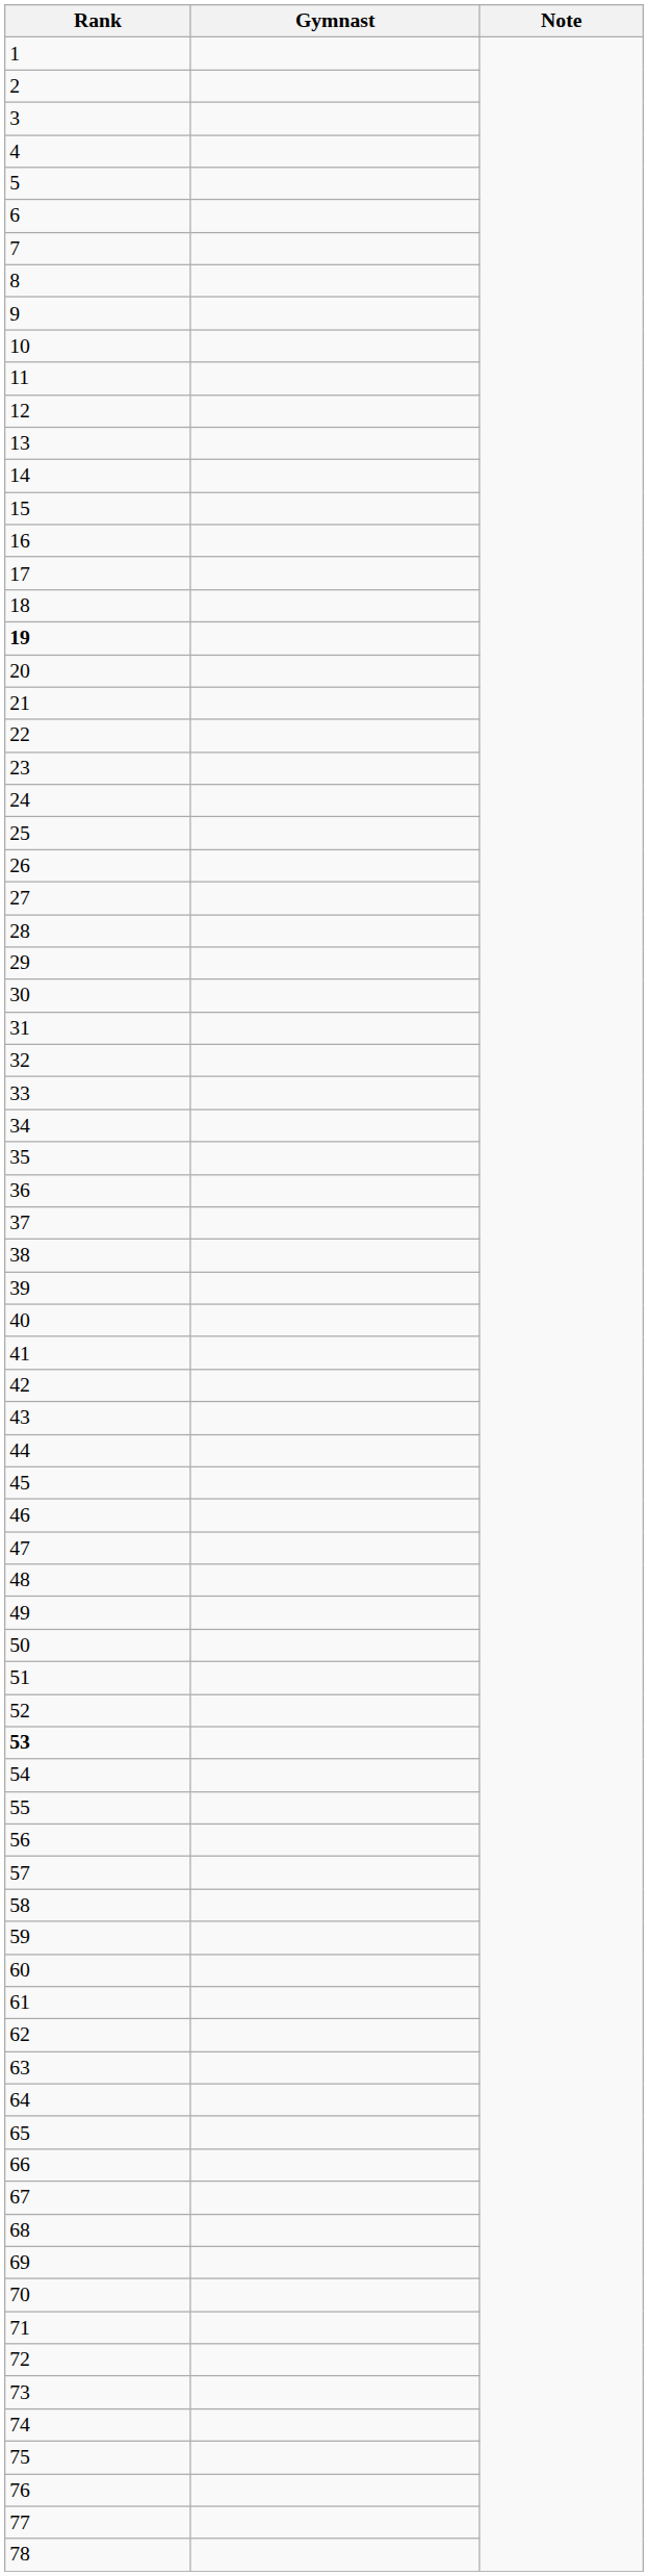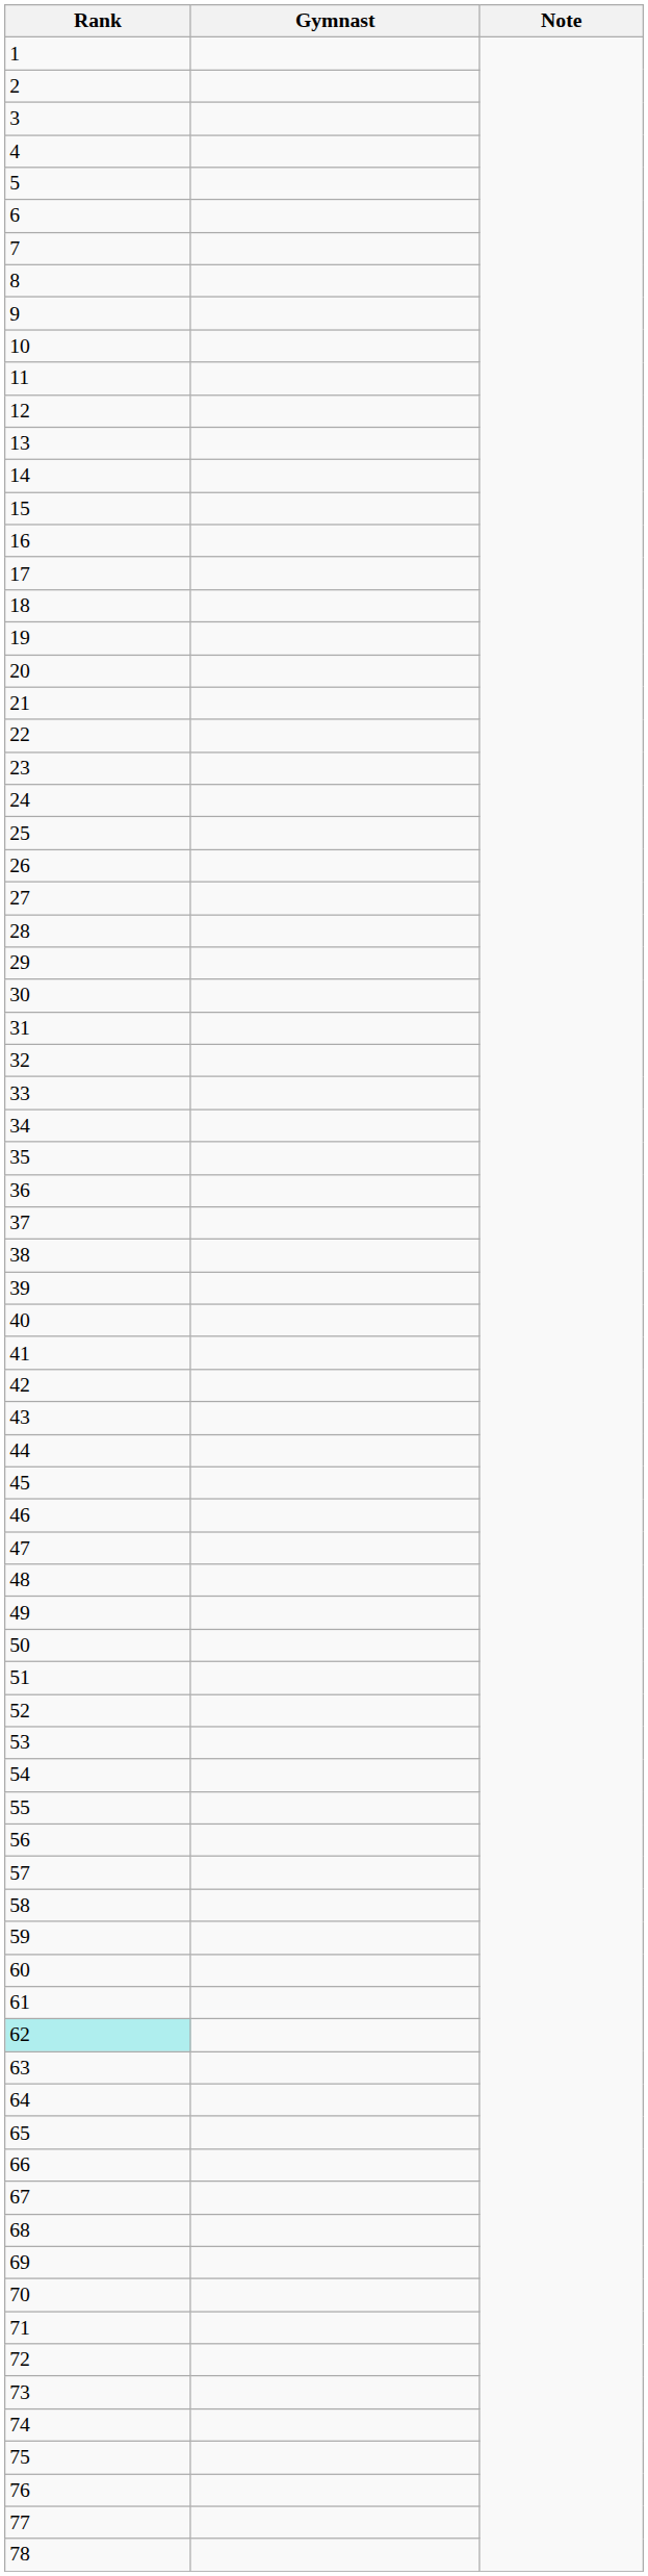 <table class="wikitable" width=500>
 <tr bgcolor="#efefef">
 <th>Rank</th>
 <th>Gymnast</th>
 <th>Note</th>
 </tr>
 <tr>
 <td>1</td>
 <td></td>
 </tr>
 <tr>
 <td>2</td>
 <td></td>
 </tr>
 <tr>
 <td>3</td>
 <td></td>
 </tr>
 <tr>
 <td>4</td>
 <td></td>
 </tr>
 <tr>
 <td>5</td>
 <td></td>
 </tr>
 <tr>
 <td>6</td>
 <td></td>
 </tr>
 <tr>
 <td>7</td>
 <td></td>
 </tr>
 <tr>
 <td>8</td>
 <td></td>
 </tr>
 <tr>
 <td>9</td>
 <td></td>
 </tr>
 <tr>
 <td>10</td>
 <td></td>
 </tr>
 <tr>
 <td>11</td>
 <td></td>
 </tr>
 <tr>
 <td>12</td>
 <td></td>
 </tr>
 <tr>
 <td>13</td>
 <td></td>
 </tr>
 <tr>
 <td>14</td>
 <td></td>
 </tr>
 <tr>
 <td>15</td>
 <td></td>
 </tr>
 <tr>
 <td>16</td>
 <td></td>
 </tr>
 <tr>
 <td>17</td>
 <td></td>
 </tr>
 <tr>
 <td>18</td>
 <td></td>
 </tr>
 <tr>
-<td><strong>19</strong></td>
+<td>19</td>
 <td></td>
 </tr>
 <tr>
 <td>20</td>
 <td></td>
 </tr>
 <tr>
 <td>21</td>
 <td></td>
 </tr>
 <tr>
 <td>22</td>
 <td></td>
 </tr>
 <tr>
 <td>23</td>
 <td></td>
 </tr>
 <tr>
 <td>24</td>
 <td></td>
 </tr>
 <tr>
 <td>25</td>
 <td></td>
 </tr>
 <tr>
 <td>26</td>
 <td></td>
 </tr>
 <tr>
 <td>27</td>
 <td></td>
 </tr>
 <tr>
 <td>28</td>
 <td></td>
 </tr>
 <tr>
 <td>29</td>
 <td></td>
 </tr>
 <tr>
 <td>30</td>
 <td></td>
 </tr>
 <tr>
 <td>31</td>
 <td></td>
 </tr>
 <tr>
 <td>32</td>
 <td></td>
 </tr>
 <tr>
 <td>33</td>
 <td></td>
 </tr>
 <tr>
 <td>34</td>
 <td></td>
 </tr>
 <tr>
 <td>35</td>
 <td></td>
 </tr>
 <tr>
 <td>36</td>
 <td></td>
 </tr>
 <tr>
 <td>37</td>
 <td></td>
 </tr>
 <tr>
 <td>38</td>
 <td></td>
 </tr>
 <tr>
 <td>39</td>
 <td></td>
 </tr>
 <tr>
 <td>40</td>
 <td></td>
 </tr>
 <tr>
 <td>41</td>
 <td></td>
 </tr>
 <tr>
 <td>42</td>
 <td></td>
 </tr>
 <tr>
 <td>43</td>
 <td></td>
 </tr>
 <tr>
 <td>44</td>
 <td></td>
 </tr>
 <tr>
 <td>45</td>
 <td></td>
 </tr>
 <tr>
 <td>46</td>
 <td></td>
 </tr>
 <tr>
 <td>47</td>
 <td></td>
 </tr>
 <tr>
 <td>48</td>
 <td></td>
 </tr>
 <tr>
 <td>49</td>
 <td></td>
 </tr>
 <tr>
 <td>50</td>
 <td></td>
 </tr>
 <tr>
 <td>51</td>
 <td></td>
 </tr>
 <tr>
 <td>52</td>
 <td></td>
 </tr>
 <tr>
-<td><strong>53</strong></td>
+<td>53</td>
 <td></td>
 </tr>
 <tr>
 <td>54</td>
 <td></td>
 </tr>
 <tr>
 <td>55</td>
 <td></td>
 </tr>
 <tr>
 <td>56</td>
 <td></td>
 </tr>
 <tr>
 <td>57</td>
 <td></td>
 </tr>
 <tr>
 <td>58</td>
 <td></td>
 </tr>
 <tr>
 <td>59</td>
 <td></td>
 </tr>
 <tr>
 <td>60</td>
 <td></td>
 </tr>
 <tr>
 <td>61</td>
 <td></td>
 </tr>
 <tr>
-<td>62</td>
+<td style="background: paleturquoise;">62</td>
 <td></td>
 </tr>
 <tr>
 <td>63</td>
 <td></td>
 </tr>
 <tr>
 <td>64</td>
 <td></td>
 </tr>
 <tr>
 <td>65</td>
 <td></td>
 </tr>
 <tr>
 <td>66</td>
 <td></td>
 </tr>
 <tr>
 <td>67</td>
 <td></td>
 </tr>
 <tr>
 <td>68</td>
 <td></td>
 </tr>
 <tr>
 <td>69</td>
 <td></td>
 </tr>
 <tr>
 <td>70</td>
 <td></td>
 </tr>
 <tr>
 <td>71</td>
 <td></td>
 </tr>
 <tr>
 <td>72</td>
 <td></td>
 </tr>
 <tr>
 <td>73</td>
 <td></td>
 </tr>
 <tr>
 <td>74</td>
 <td></td>
 </tr>
 <tr>
 <td>75</td>
 <td></td>
 </tr>
 <tr>
 <td>76</td>
 <td></td>
 </tr>
 <tr>
 <td>77</td>
 <td></td>
 </tr>
 <tr>
 <td>78</td>
 <td></td>
 </tr>
 </table>
